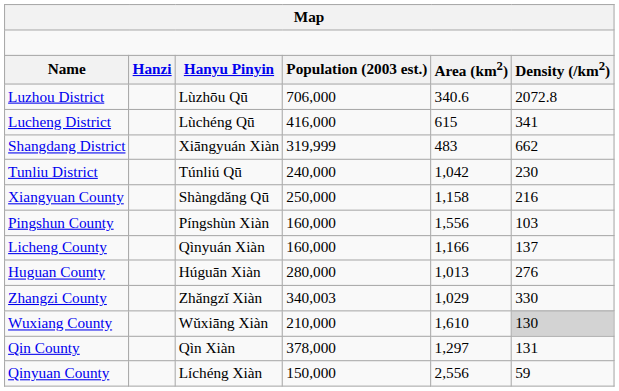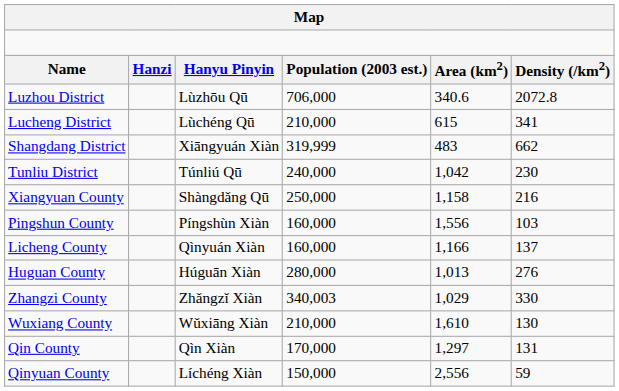 <table class="wikitable"  style="font-size:90%;" align="center">
 <tr>
 <th colspan="8" align="center">Map</th>
 </tr>
 <tr>
 <td colspan="8" align="center"><div><br>               </div></td>
 </tr>
 <tr>
 <th>Name</th>
 <th><a href='#'>Hanzi</a></th>
 <th><a href='#'>Hanyu Pinyin</a></th>
 <th>Population (2003 est.)</th>
 <th>Area (km<sup>2</sup>)</th>
 <th>Density (/km<sup>2</sup>)</th>
 </tr>
 <tr>
 <td><a href='#'>Luzhou District</a></td>
 <td></td>
 <td>Lùzhōu Qū</td>
 <td>706,000</td>
 <td>340.6</td>
 <td>2072.8</td>
 </tr>
 <tr>
 <td><a href='#'>Lucheng District</a></td>
 <td></td>
 <td>Lùchéng Qū</td>
-<td>416,000</td>
+<td>210,000</td>
 <td>615</td>
 <td>341</td>
 </tr>
 <tr>
 <td><a href='#'>Shangdang District</a></td>
 <td></td>
 <td>Xiāngyuán Xiàn</td>
 <td>319,999</td>
 <td>483</td>
 <td>662</td>
 </tr>
 <tr>
 <td><a href='#'>Tunliu District</a></td>
 <td></td>
 <td>Túnliú Qū</td>
 <td>240,000</td>
 <td>1,042</td>
 <td>230</td>
 </tr>
 <tr>
 <td><a href='#'>Xiangyuan County</a></td>
 <td></td>
 <td>Shàngdǎng Qū</td>
 <td>250,000</td>
 <td>1,158</td>
 <td>216</td>
 </tr>
 <tr>
 <td><a href='#'>Pingshun County</a></td>
 <td></td>
 <td>Píngshùn Xiàn</td>
 <td>160,000</td>
 <td>1,556</td>
 <td>103</td>
 </tr>
 <tr>
 <td><a href='#'>Licheng County</a></td>
 <td></td>
 <td>Qìnyuán Xiàn</td>
 <td>160,000</td>
 <td>1,166</td>
 <td>137</td>
 </tr>
 <tr>
 <td><a href='#'>Huguan County</a></td>
 <td></td>
 <td>Húguān Xiàn</td>
 <td>280,000</td>
 <td>1,013</td>
 <td>276</td>
 </tr>
 <tr>
 <td><a href='#'>Zhangzi County</a></td>
 <td></td>
 <td>Zhǎngzǐ Xiàn</td>
 <td>340,003</td>
 <td>1,029</td>
 <td>330</td>
 </tr>
 <tr>
 <td><a href='#'>Wuxiang County</a></td>
 <td></td>
 <td>Wǔxiāng Xiàn</td>
 <td>210,000</td>
 <td>1,610</td>
-<td style="background: lightgrey;">130</td>
+<td>130</td>
 </tr>
 <tr>
 <td><a href='#'>Qin County</a></td>
 <td></td>
 <td>Qìn Xiàn</td>
-<td>378,000</td>
+<td>170,000</td>
 <td>1,297</td>
 <td>131</td>
 </tr>
 <tr>
 <td><a href='#'>Qinyuan County</a></td>
 <td></td>
 <td>Líchéng Xiàn</td>
 <td>150,000</td>
 <td>2,556</td>
 <td>59</td>
 </tr>
 </table>
